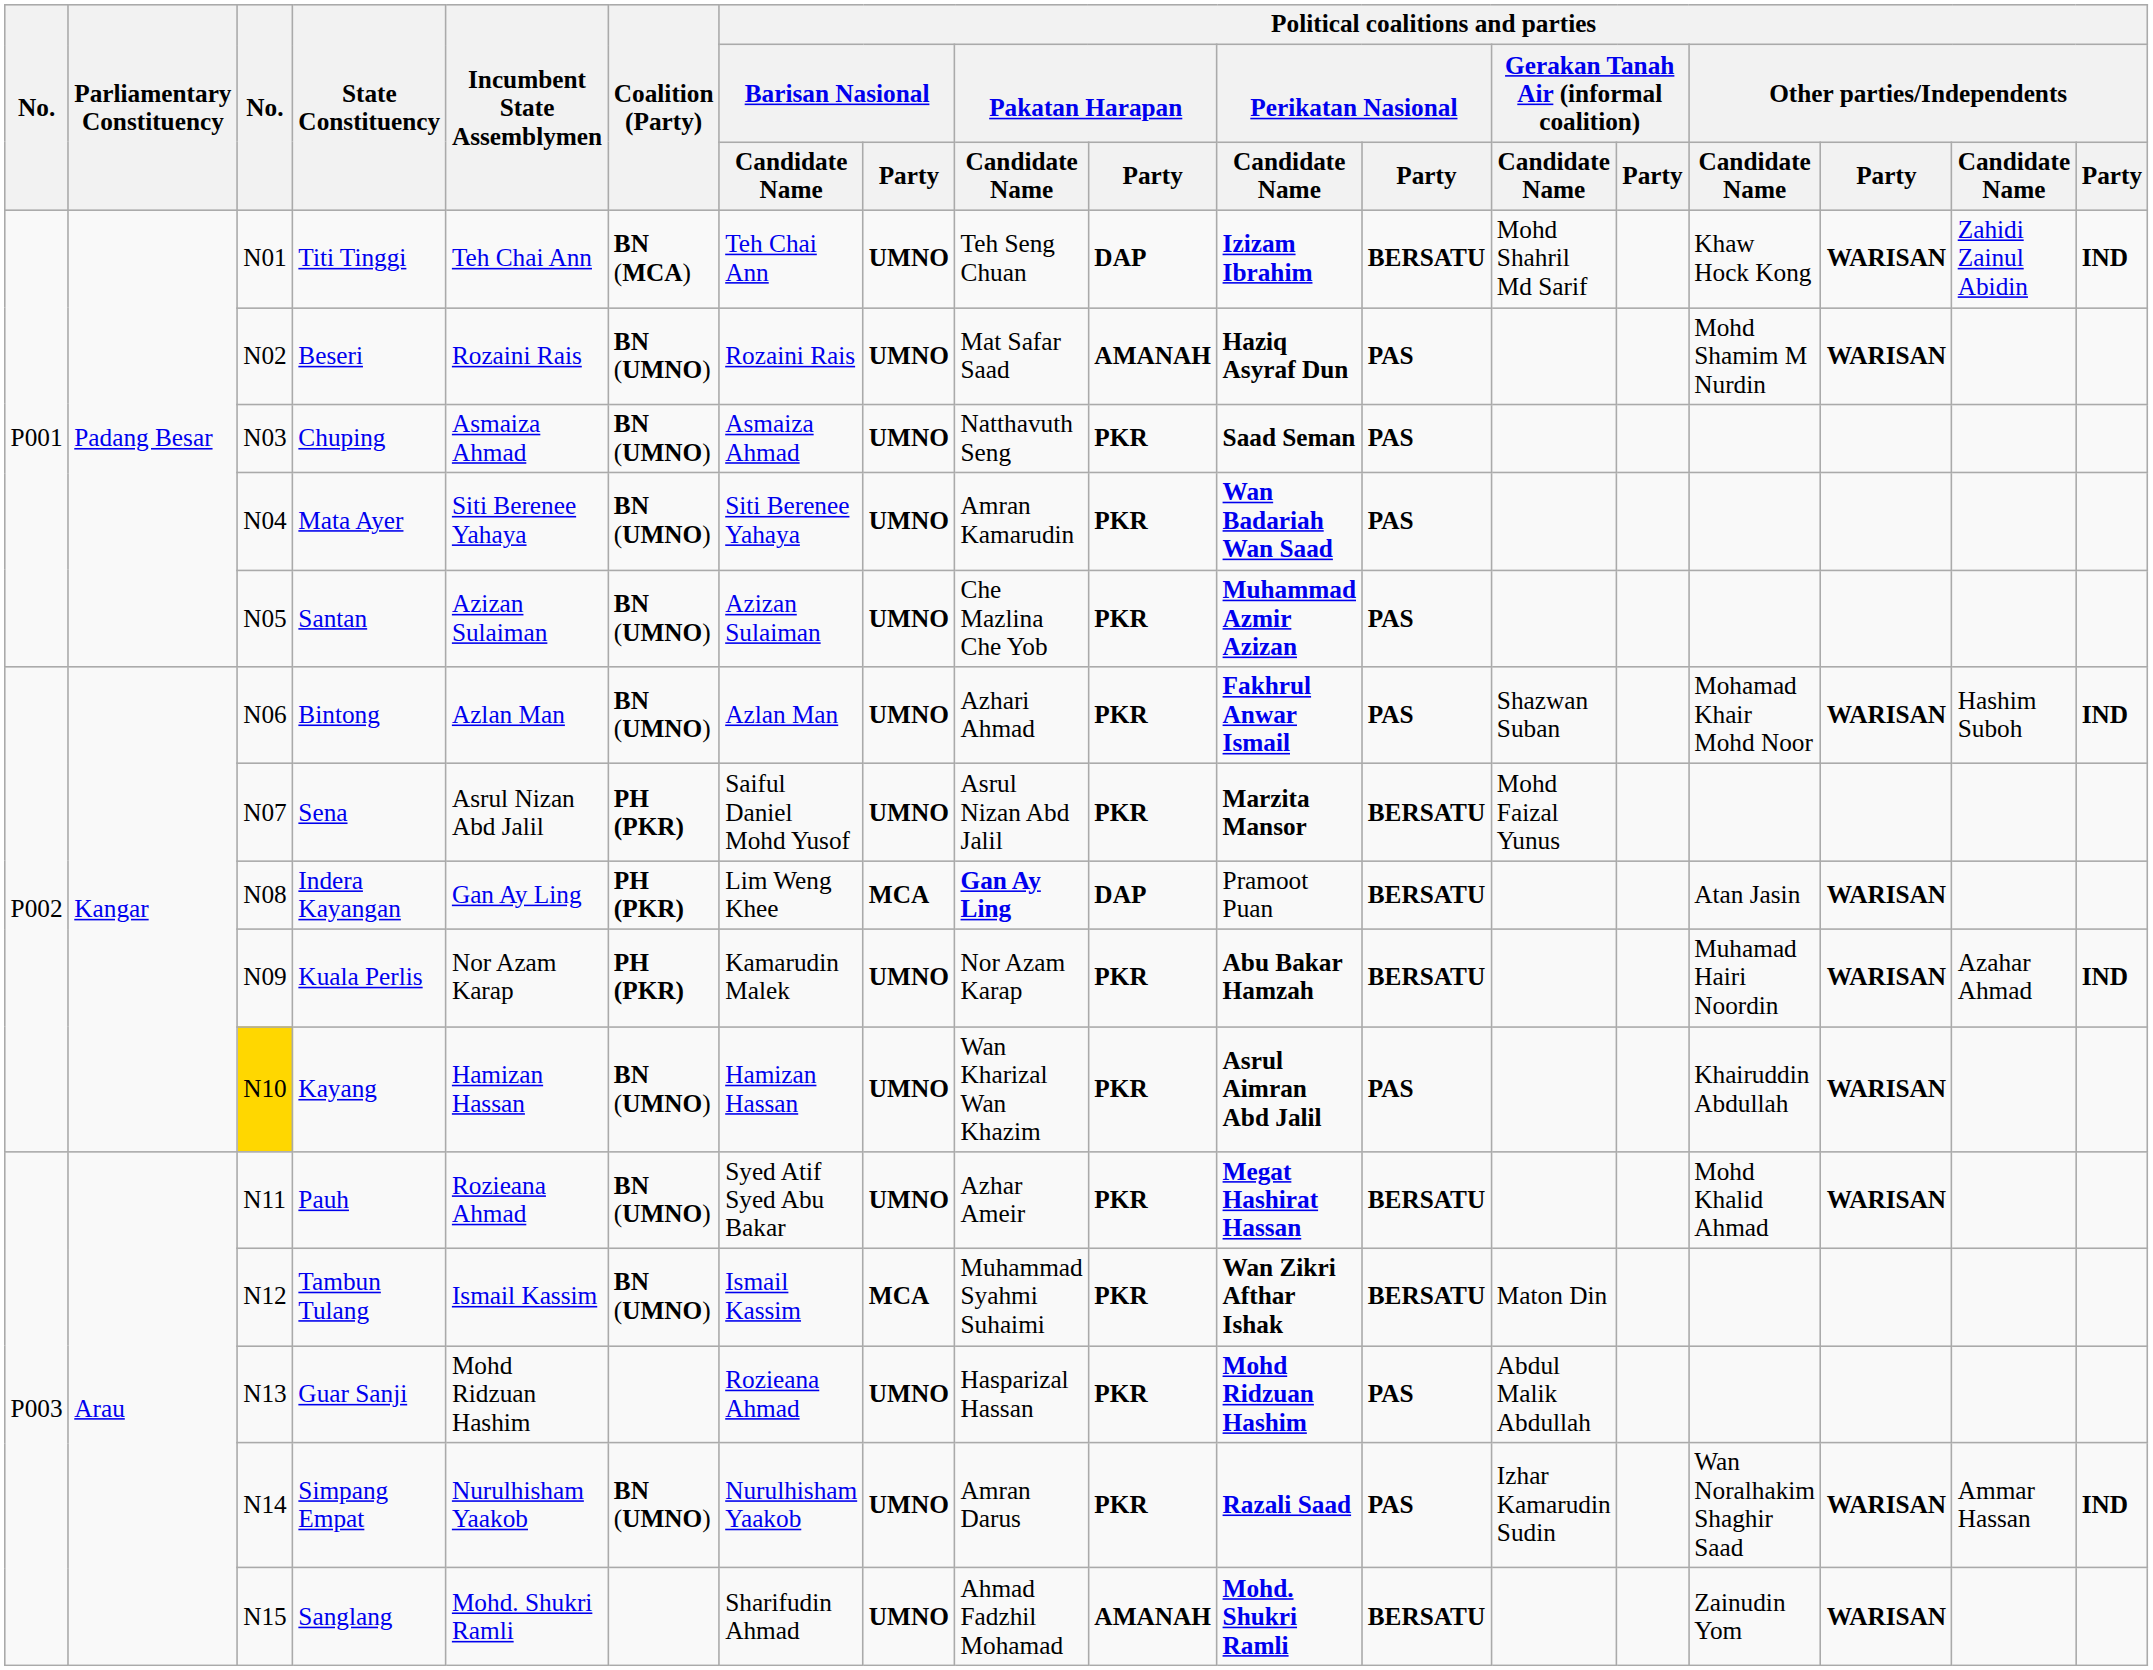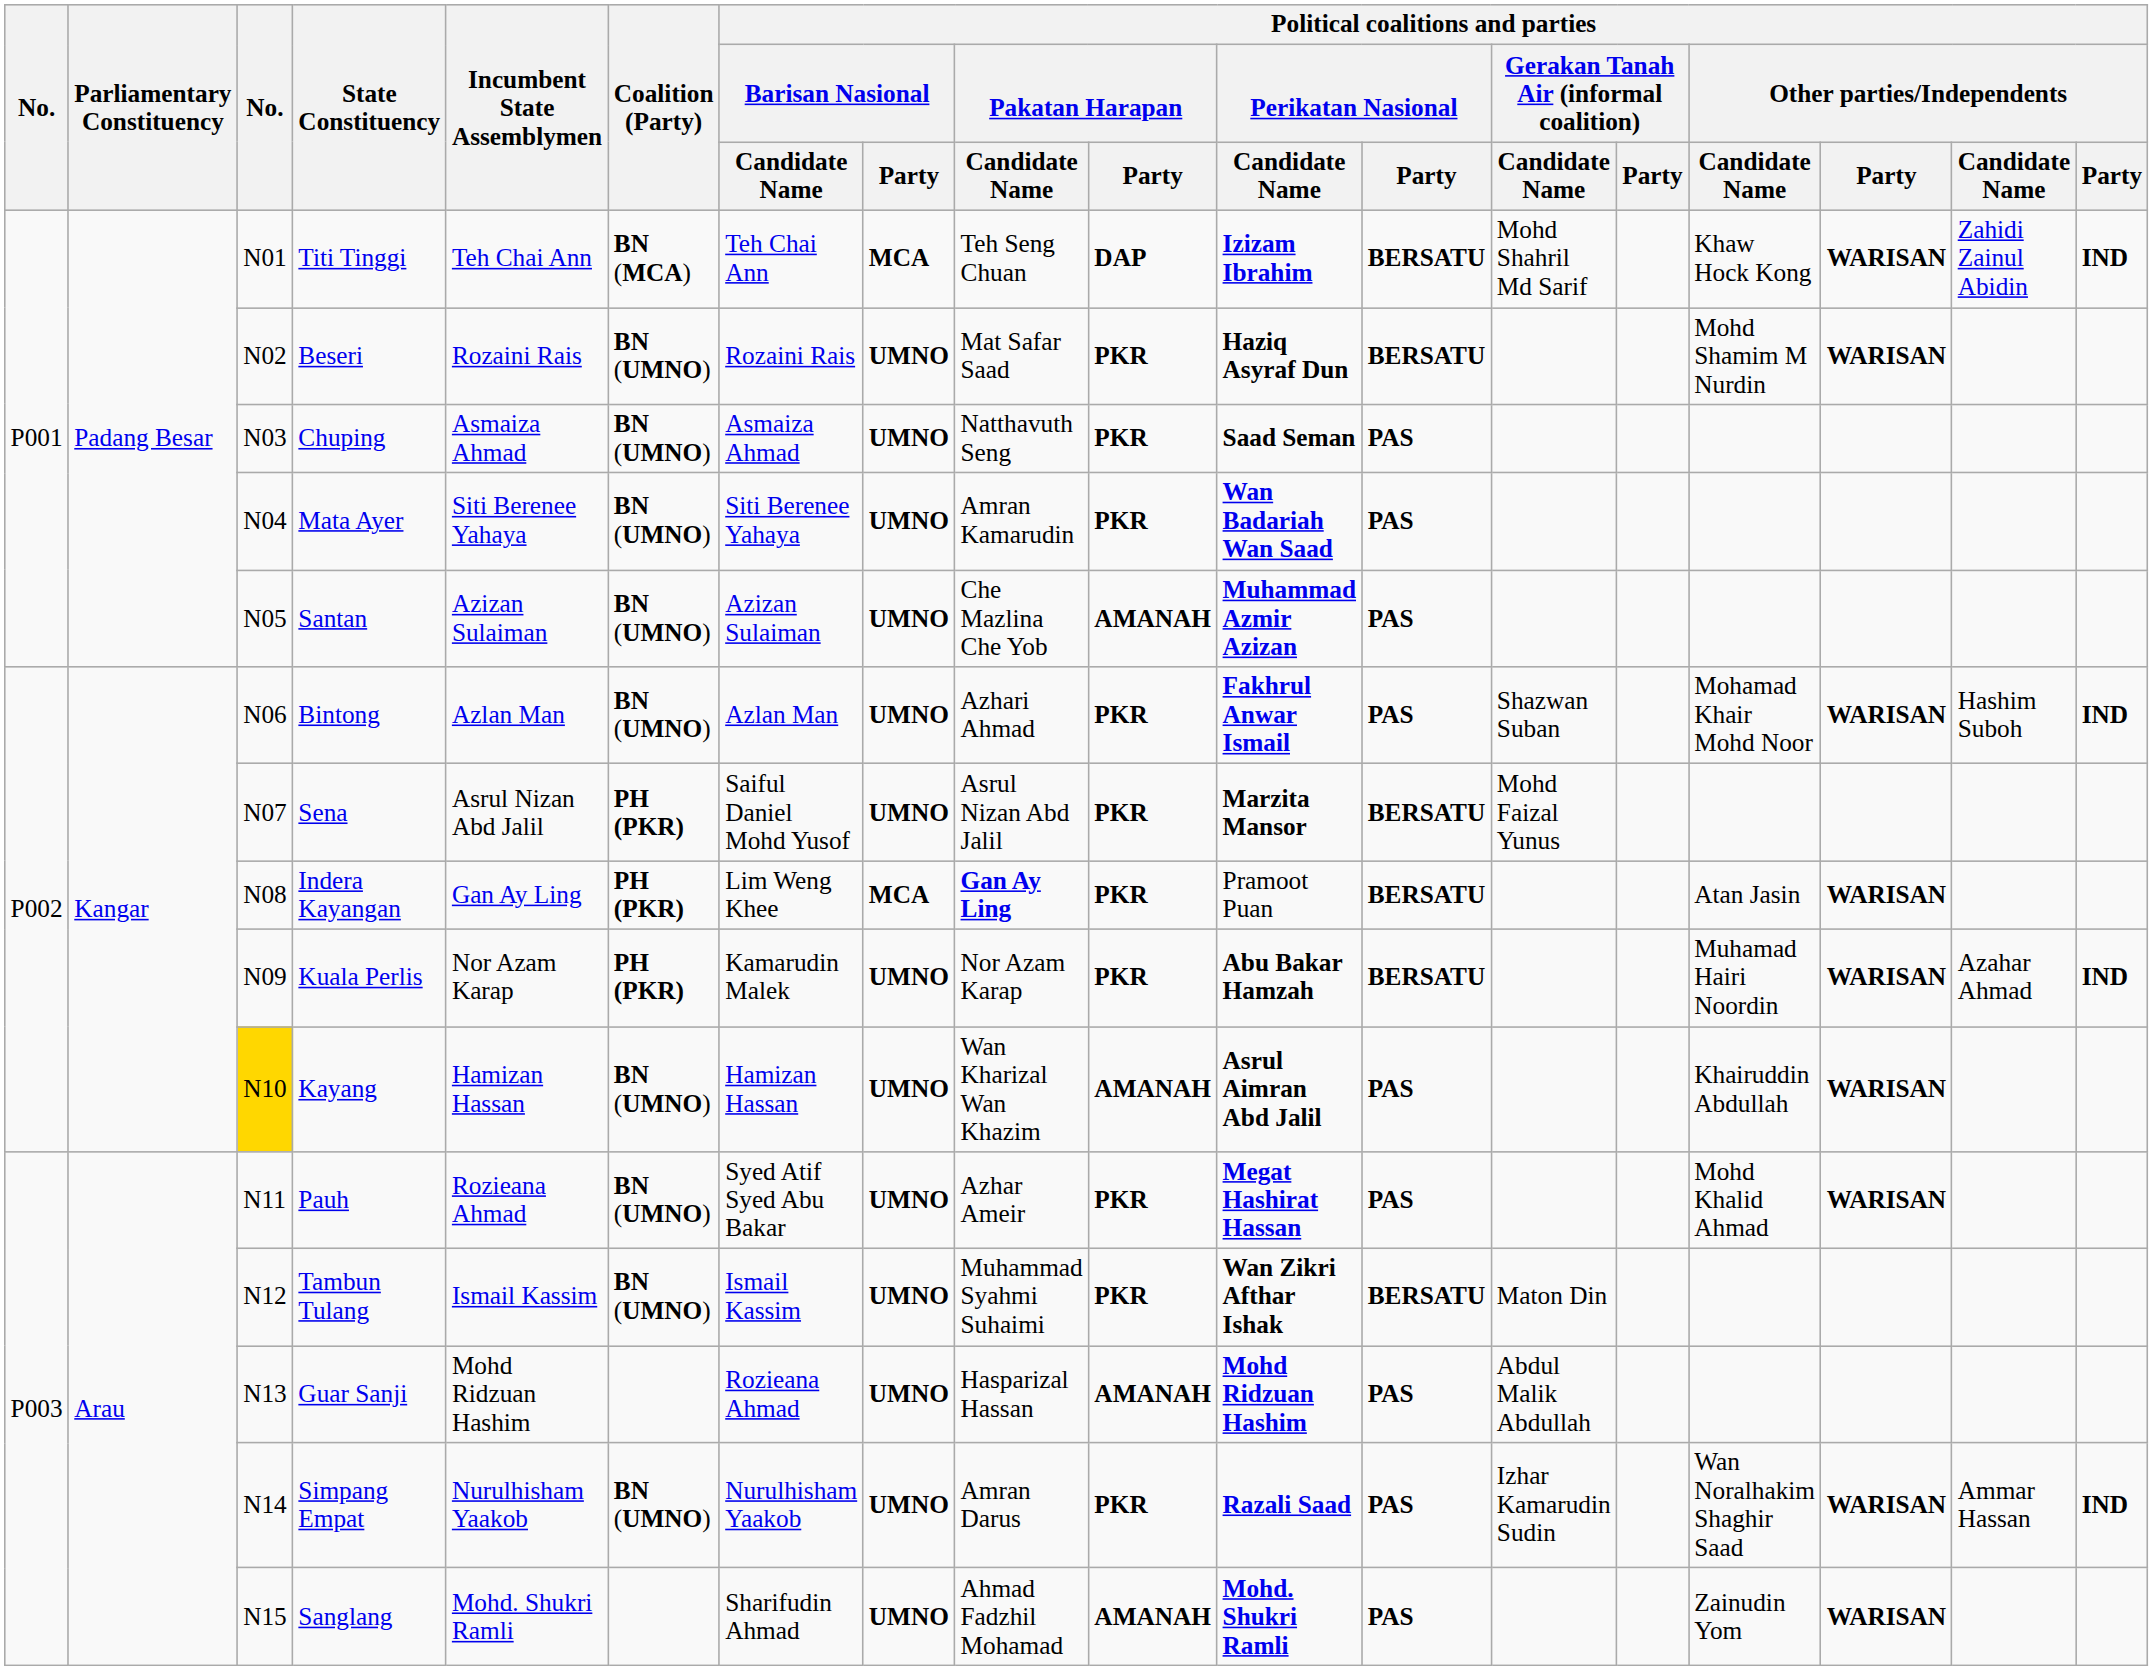 <table class="wikitable sortable">
 <tr>
 <th rowspan="3">No.</th>
 <th rowspan="3">Parliamentary Constituency</th>
 <th rowspan="3" width="30">No.</th>
 <th rowspan="3" width="150">State Constituency</th>
 <th rowspan="3" width="230">Incumbent State Assemblymen</th>
 <th rowspan="3" width="80">Coalition (Party)</th>
 <th colspan="12"><strong>Political coalitions and parties</strong></th>
 </tr>
 <tr>
 <th colspan="2"><a href='#'>Barisan Nasional</a></th>
 <th colspan="2"><br><a href='#'>Pakatan Harapan</a></th>
 <th colspan="2"><br><a href='#'>Perikatan Nasional</a></th>
 <th colspan="2"><a href='#'>Gerakan Tanah Air</a> (informal coalition)</th>
 <th colspan="4">Other parties/Independents</th>
 </tr>
 <tr>
 <th>Candidate Name</th>
 <th>Party</th>
 <th>Candidate Name</th>
 <th>Party</th>
 <th>Candidate Name</th>
 <th>Party</th>
 <th>Candidate Name</th>
 <th>Party</th>
 <th>Candidate Name</th>
 <th>Party</th>
 <th>Candidate Name</th>
 <th>Party</th>
 </tr>
 <tr>
 <td rowspan="5">P001</td>
 <td rowspan="5"><a href='#'>Padang Besar</a></td>
 <td>N01</td>
 <td><a href='#'>Titi Tinggi</a></td>
 <td><a href='#'>Teh Chai Ann</a></td>
 <td><strong>BN</strong> (<strong>MCA</strong>)</td>
 <td><a href='#'>Teh Chai Ann</a></td>
-<td><strong>UMNO</strong></td>
+<td><strong>MCA</strong></td>
 <td>Teh Seng Chuan</td>
 <td><strong>DAP</strong></td>
 <td><strong><a href='#'>Izizam Ibrahim</a></strong></td>
 <td><strong>BERSATU</strong></td>
 <td>Mohd Shahril Md Sarif</td>
 <td></td>
 <td>Khaw Hock Kong</td>
 <td><strong>WARISAN</strong></td>
 <td><a href='#'>Zahidi Zainul Abidin</a></td>
 <td><strong>IND</strong></td>
 </tr>
 <tr>
 <td>N02</td>
 <td><a href='#'>Beseri</a></td>
 <td><a href='#'>Rozaini Rais</a></td>
 <td><strong>BN</strong> (<strong>UMNO</strong>)</td>
 <td><a href='#'>Rozaini Rais</a></td>
 <td><strong>UMNO</strong></td>
 <td>Mat Safar Saad</td>
-<td><strong>AMANAH</strong></td>
+<td><strong>PKR</strong></td>
 <td><strong>Haziq Asyraf Dun</strong></td>
-<td><strong>PAS</strong></td>
+<td><strong>BERSATU</strong></td>
 <td></td>
 <td></td>
 <td>Mohd Shamim M Nurdin</td>
 <td><strong>WARISAN</strong></td>
 <td></td>
 <td></td>
 </tr>
 <tr>
 <td>N03</td>
 <td><a href='#'>Chuping</a></td>
 <td><a href='#'>Asmaiza Ahmad</a></td>
 <td><strong>BN</strong> (<strong>UMNO</strong>)</td>
 <td><a href='#'>Asmaiza Ahmad</a></td>
 <td><strong>UMNO</strong></td>
 <td>Natthavuth  Seng</td>
 <td><strong>PKR</strong></td>
 <td><strong>Saad Seman</strong></td>
 <td><strong>PAS</strong></td>
 <td></td>
 <td></td>
 <td></td>
 <td></td>
 <td></td>
 <td></td>
 </tr>
 <tr>
 <td>N04</td>
 <td><a href='#'>Mata Ayer</a></td>
 <td><a href='#'>Siti Berenee Yahaya</a></td>
 <td><strong>BN</strong> (<strong>UMNO</strong>)</td>
 <td><a href='#'>Siti Berenee Yahaya</a></td>
 <td><strong>UMNO</strong></td>
 <td>Amran Kamarudin</td>
 <td><strong>PKR</strong></td>
 <td><strong><a href='#'>Wan Badariah Wan Saad</a></strong></td>
 <td><strong>PAS</strong></td>
 <td></td>
 <td></td>
 <td></td>
 <td></td>
 <td></td>
 <td></td>
 </tr>
 <tr>
 <td>N05</td>
 <td><a href='#'>Santan</a></td>
 <td><a href='#'>Azizan Sulaiman</a></td>
 <td><strong>BN</strong> (<strong>UMNO</strong>)</td>
 <td><a href='#'>Azizan Sulaiman</a></td>
 <td><strong>UMNO</strong></td>
 <td>Che Mazlina Che Yob</td>
-<td><strong>PKR</strong></td>
+<td><strong>AMANAH</strong></td>
 <td><strong><a href='#'>Muhammad Azmir Azizan</a></strong></td>
 <td><strong>PAS</strong></td>
 <td></td>
 <td></td>
 <td></td>
 <td></td>
 <td></td>
 <td></td>
 </tr>
 <tr>
 <td rowspan="5">P002</td>
 <td rowspan="5"><a href='#'>Kangar</a></td>
 <td>N06</td>
 <td><a href='#'>Bintong</a></td>
 <td><a href='#'>Azlan Man</a></td>
 <td><strong>BN</strong> (<strong>UMNO</strong>)</td>
 <td><a href='#'>Azlan Man</a></td>
 <td><strong>UMNO</strong></td>
 <td>Azhari Ahmad</td>
 <td><strong>PKR</strong></td>
 <td><strong><a href='#'>Fakhrul Anwar Ismail</a></strong></td>
 <td><strong>PAS</strong></td>
 <td>Shazwan Suban</td>
 <td></td>
 <td>Mohamad Khair Mohd Noor</td>
 <td><strong>WARISAN</strong></td>
 <td>Hashim Suboh</td>
 <td><strong>IND</strong></td>
 </tr>
 <tr>
 <td>N07</td>
 <td><a href='#'>Sena</a></td>
 <td>Asrul Nizan Abd Jalil</td>
 <td><strong>PH (PKR)</strong></td>
 <td>Saiful Daniel Mohd Yusof</td>
 <td><strong>UMNO</strong></td>
 <td>Asrul Nizan Abd Jalil</td>
 <td><strong>PKR</strong></td>
 <td><strong>Marzita Mansor</strong></td>
 <td><strong>BERSATU</strong></td>
 <td>Mohd Faizal Yunus</td>
 <td></td>
 <td></td>
 <td></td>
 <td></td>
 <td></td>
 </tr>
 <tr>
 <td>N08</td>
 <td><a href='#'>Indera Kayangan</a></td>
 <td><a href='#'>Gan Ay Ling</a></td>
 <td><strong>PH (PKR)</strong></td>
 <td>Lim Weng Khee</td>
 <td><strong>MCA</strong></td>
 <td><strong><a href='#'>Gan Ay Ling</a></strong></td>
-<td><strong>DAP</strong></td>
+<td><strong>PKR</strong></td>
 <td>Pramoot Puan</td>
 <td><strong>BERSATU</strong></td>
 <td></td>
 <td></td>
 <td>Atan Jasin</td>
 <td><strong>WARISAN</strong></td>
 <td></td>
 <td></td>
 </tr>
 <tr>
 <td>N09</td>
 <td><a href='#'>Kuala Perlis</a></td>
 <td>Nor Azam Karap</td>
 <td><strong>PH (PKR)</strong></td>
 <td>Kamarudin Malek</td>
 <td><strong>UMNO</strong></td>
 <td>Nor Azam Karap</td>
 <td><strong>PKR</strong></td>
 <td><strong>Abu Bakar Hamzah</strong></td>
 <td><strong>BERSATU</strong></td>
 <td></td>
 <td></td>
 <td>Muhamad Hairi Noordin</td>
 <td><strong>WARISAN</strong></td>
 <td>Azahar Ahmad</td>
 <td><strong>IND</strong></td>
 </tr>
 <tr>
 <td style="background: gold;">N10</td>
 <td><a href='#'>Kayang</a></td>
 <td><a href='#'>Hamizan Hassan</a></td>
 <td><strong>BN</strong> (<strong>UMNO</strong>)</td>
 <td><a href='#'>Hamizan Hassan</a></td>
 <td><strong>UMNO</strong></td>
 <td>Wan Kharizal Wan Khazim</td>
-<td><strong>PKR</strong></td>
+<td><strong>AMANAH</strong></td>
 <td><strong>Asrul Aimran Abd Jalil</strong></td>
 <td><strong>PAS</strong></td>
 <td></td>
 <td></td>
 <td>Khairuddin Abdullah</td>
 <td><strong>WARISAN</strong></td>
 <td></td>
 <td></td>
 </tr>
 <tr>
 <td rowspan="5">P003</td>
 <td rowspan="5"><a href='#'>Arau</a></td>
 <td>N11</td>
 <td><a href='#'>Pauh</a></td>
 <td><a href='#'>Rozieana Ahmad</a></td>
 <td><strong>BN</strong> (<strong>UMNO</strong>)</td>
 <td>Syed Atif Syed Abu Bakar</td>
 <td><strong>UMNO</strong></td>
 <td>Azhar Ameir</td>
 <td><strong>PKR</strong></td>
 <td><strong><a href='#'>Megat Hashirat Hassan</a></strong></td>
-<td><strong>BERSATU</strong></td>
+<td><strong>PAS</strong></td>
 <td></td>
 <td></td>
 <td>Mohd Khalid Ahmad</td>
 <td><strong>WARISAN</strong></td>
 <td></td>
 <td></td>
 </tr>
 <tr>
 <td>N12</td>
 <td><a href='#'>Tambun Tulang</a></td>
 <td><a href='#'>Ismail Kassim</a></td>
 <td><strong>BN</strong> (<strong>UMNO</strong>)</td>
 <td><a href='#'>Ismail Kassim</a></td>
-<td><strong>MCA</strong></td>
+<td><strong>UMNO</strong></td>
 <td>Muhammad Syahmi Suhaimi</td>
 <td><strong>PKR</strong></td>
 <td><strong>Wan Zikri Afthar Ishak</strong></td>
 <td><strong>BERSATU</strong></td>
 <td>Maton Din</td>
 <td></td>
 <td></td>
 <td></td>
 <td></td>
 <td></td>
 </tr>
 <tr>
 <td>N13</td>
 <td><a href='#'>Guar Sanji</a></td>
 <td>Mohd Ridzuan Hashim</td>
 <td></td>
 <td><a href='#'>Rozieana Ahmad</a></td>
 <td><strong>UMNO</strong></td>
 <td>Hasparizal Hassan</td>
-<td><strong>PKR</strong></td>
+<td><strong>AMANAH</strong></td>
 <td><strong><a href='#'>Mohd Ridzuan Hashim</a></strong></td>
 <td><strong>PAS</strong></td>
 <td>Abdul Malik Abdullah</td>
 <td></td>
 <td></td>
 <td></td>
 <td></td>
 <td></td>
 </tr>
 <tr>
 <td>N14</td>
 <td><a href='#'>Simpang Empat</a></td>
 <td><a href='#'>Nurulhisham Yaakob</a></td>
 <td><strong>BN</strong> (<strong>UMNO</strong>)</td>
 <td><a href='#'>Nurulhisham Yaakob</a></td>
 <td><strong>UMNO</strong></td>
 <td>Amran Darus</td>
 <td><strong>PKR</strong></td>
 <td><strong><a href='#'>Razali Saad</a></strong></td>
 <td><strong>PAS</strong></td>
 <td>Izhar Kamarudin Sudin</td>
 <td></td>
 <td>Wan Noralhakim Shaghir Saad</td>
 <td><strong>WARISAN</strong></td>
 <td>Ammar Hassan</td>
 <td><strong>IND</strong></td>
 </tr>
 <tr>
 <td>N15</td>
 <td><a href='#'>Sanglang</a></td>
 <td><a href='#'>Mohd. Shukri Ramli</a></td>
 <td></td>
 <td>Sharifudin Ahmad</td>
 <td><strong>UMNO</strong></td>
 <td>Ahmad Fadzhil Mohamad</td>
 <td><strong>AMANAH</strong></td>
 <td><strong><a href='#'>Mohd. Shukri Ramli</a></strong></td>
-<td><strong>BERSATU</strong></td>
+<td><strong>PAS</strong></td>
 <td></td>
 <td></td>
 <td>Zainudin Yom</td>
 <td><strong>WARISAN</strong></td>
 <td></td>
 <td></td>
 </tr>
 </table>
